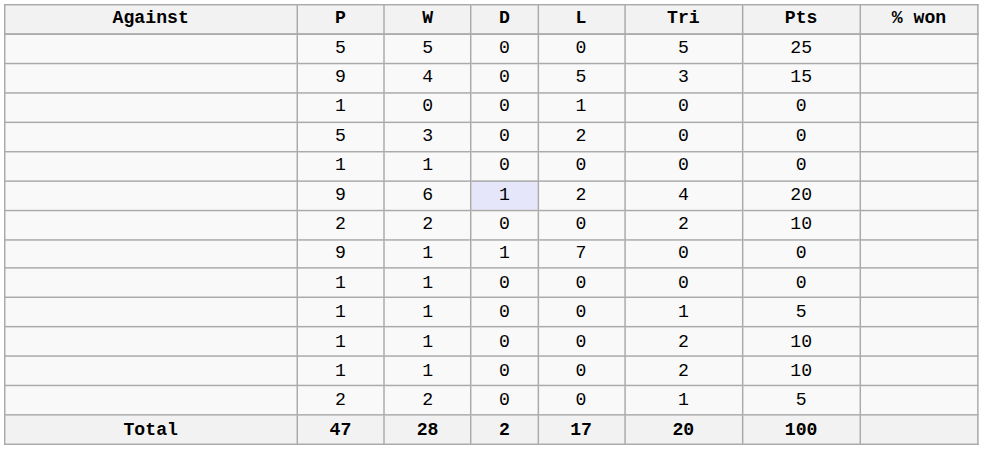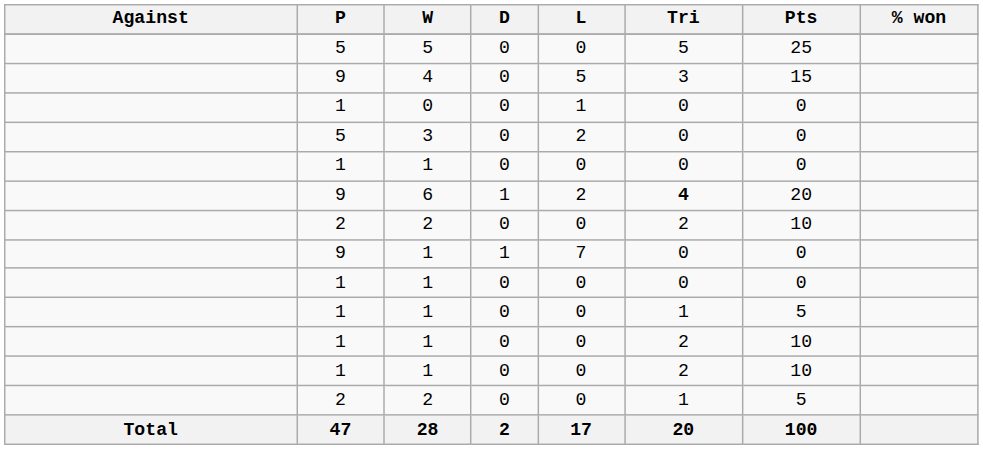 <table class="wikitable sortable" style="text-align:center; font-size:95%; width:75%;">
 <tr>
 <th style="width:30%;">Against</th>
 <th abbr="Played" style="width:15px;">P</th>
 <th abbr="Won" style="width:10px;">W</th>
 <th abbr="Drawn" style="width:10px;">D</th>
 <th abbr="Lost" style="width:10px;">L</th>
 <th abbr="Tries" style="width:15px;">Tri</th>
 <th abbr="Points" style="width:18px;">Pts</th>
 <th abbr="Won" style="width:18px;">% won</th>
 </tr>
 <tr bgcolor="#d0ffd0" align="center">
 </tr>
 <tr>
 <td align="left"></td>
 <td>5</td>
 <td>5</td>
 <td>0</td>
 <td>0</td>
 <td>5</td>
 <td>25</td>
 <td></td>
 </tr>
 <tr>
 <td align="left"></td>
 <td>9</td>
 <td>4</td>
 <td>0</td>
 <td>5</td>
 <td>3</td>
 <td>15</td>
 <td></td>
 </tr>
 <tr>
 <td align="left"></td>
 <td>1</td>
 <td>0</td>
 <td>0</td>
 <td>1</td>
 <td>0</td>
 <td>0</td>
 <td></td>
 </tr>
 <tr>
 <td align="left"></td>
 <td>5</td>
 <td>3</td>
 <td>0</td>
 <td>2</td>
 <td>0</td>
 <td>0</td>
 <td></td>
 </tr>
 <tr>
 <td align="left"></td>
 <td>1</td>
 <td>1</td>
 <td>0</td>
 <td>0</td>
 <td>0</td>
 <td>0</td>
 <td></td>
 </tr>
 <tr>
 <td align="left"></td>
 <td>9</td>
 <td>6</td>
-<td style="background: lavender;">1</td>
+<td>1</td>
 <td>2</td>
-<td>4</td>
+<td><strong>4</strong></td>
 <td>20</td>
 <td></td>
 </tr>
 <tr>
 <td align="left"></td>
 <td>2</td>
 <td>2</td>
 <td>0</td>
 <td>0</td>
 <td>2</td>
 <td>10</td>
 <td></td>
 </tr>
 <tr>
 <td align="left"></td>
 <td>9</td>
 <td>1</td>
 <td>1</td>
 <td>7</td>
 <td>0</td>
 <td>0</td>
 <td></td>
 </tr>
 <tr>
 <td align="left"></td>
 <td>1</td>
 <td>1</td>
 <td>0</td>
 <td>0</td>
 <td>0</td>
 <td>0</td>
 <td></td>
 </tr>
 <tr>
 <td align="left"></td>
 <td>1</td>
 <td>1</td>
 <td>0</td>
 <td>0</td>
 <td>1</td>
 <td>5</td>
 <td></td>
 </tr>
 <tr>
 <td align="left"></td>
 <td>1</td>
 <td>1</td>
 <td>0</td>
 <td>0</td>
 <td>2</td>
 <td>10</td>
 <td></td>
 </tr>
 <tr>
 <td align="left"></td>
 <td>1</td>
 <td>1</td>
 <td>0</td>
 <td>0</td>
 <td>2</td>
 <td>10</td>
 <td></td>
 </tr>
 <tr>
 <td align="left"></td>
 <td>2</td>
 <td>2</td>
 <td>0</td>
 <td>0</td>
 <td>1</td>
 <td>5</td>
 <td></td>
 </tr>
 <tr>
 <th>Total</th>
 <th>47</th>
 <th>28</th>
 <th>2</th>
 <th>17</th>
 <th>20</th>
 <th>100</th>
 <th></th>
 </tr>
 </table>
